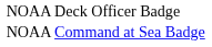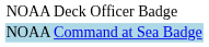 <table>
 <tr>
 <td> NOAA Deck Officer Badge</td>
 </tr>
 <tr>
-<td> NOAA <a href='#'>Command at Sea Badge</a></td>
+<td style="background: lightblue;"> NOAA <a href='#'>Command at Sea Badge</a></td>
 </tr>
 </table>
